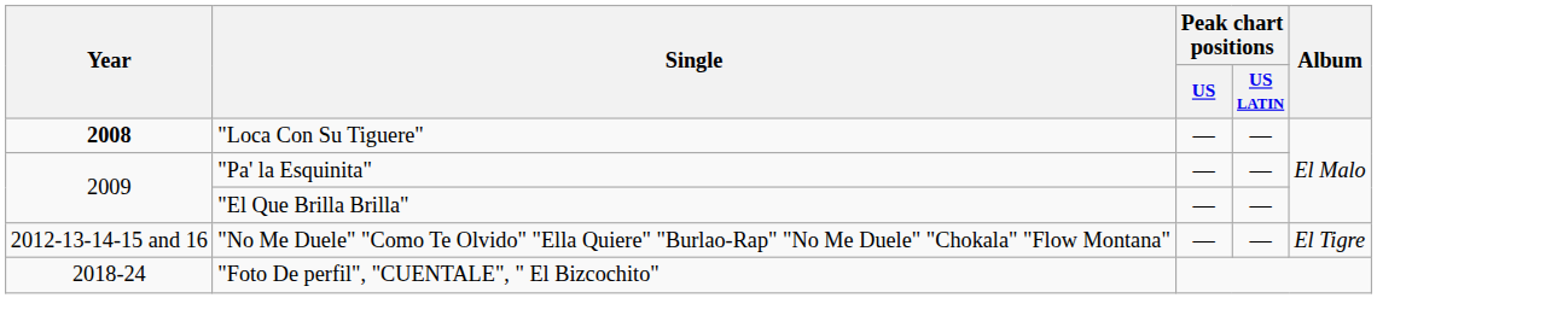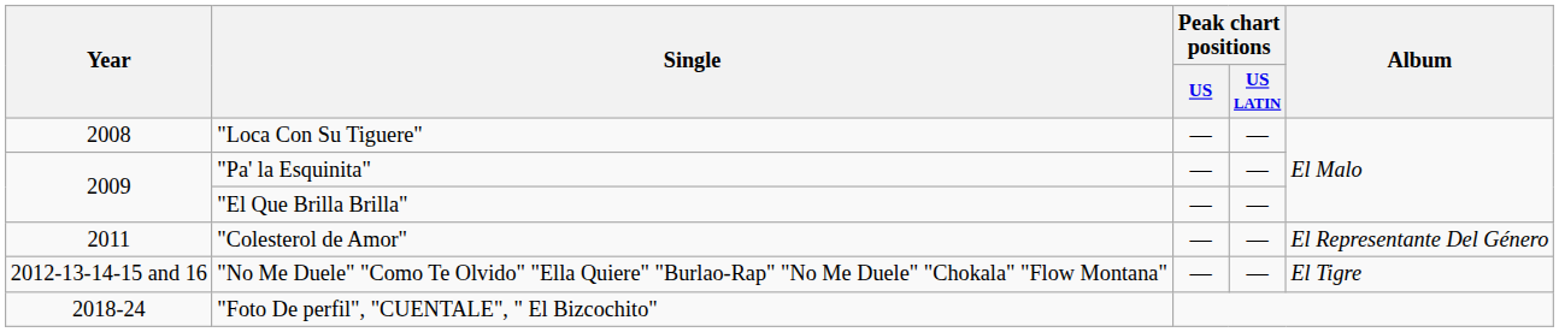 <table class="wikitable" style="text-align:center;">
 <tr>
 <th rowspan="2">Year</th>
 <th rowspan="2">Single</th>
 <th colspan="2">Peak chart positions</th>
 <th rowspan="2">Album</th>
 </tr>
 <tr style=font-size:smaller>
 <th width=35><a href='#'>US</a></th>
 <th width=35><a href='#'>US <br><small>LATIN</small></a></th>
 </tr>
 <tr>
-<td style="text-align:center;" rowspan="1"><strong>2008</strong></td>
+<td style="text-align:center;" rowspan="1">2008</td>
 <td align="left">"Loca Con Su Tiguere"</td>
 <td style="text-align:center;">—</td>
 <td style="text-align:center;">—</td>
 <td style="text-align:left;" rowspan="3"><em>El Malo</em></td>
 </tr>
 <tr>
 <td style="text-align:center;" rowspan="2">2009</td>
 <td align="left">"Pa' la Esquinita"</td>
 <td style="text-align:center;">—</td>
 <td style="text-align:center;">—</td>
 </tr>
 <tr>
 <td align="left">"El Que Brilla Brilla"</td>
 <td style="text-align:center;">—</td>
 <td style="text-align:center;">—</td>
 </tr>
 <tr>
+<td style="text-align:center;" rowspan="1">2011</td>
+<td align="left">"Colesterol de Amor"</td>
+<td style="text-align:center;">—</td>
+<td style="text-align:center;">—</td>
+<td style="text-align:left;" rowspan="1"><em>El Representante Del Género</em></td>
+</tr>
+<tr>
 <td style="text-align:center;" rowspan="1">2012-13-14-15 and 16</td>
 <td align="left">"No Me Duele" "Como Te Olvido" "Ella Quiere" "Burlao-Rap" "No Me Duele" "Chokala" "Flow Montana"</td>
 <td style="text-align:center;">—</td>
 <td style="text-align:center;">—</td>
 <td style="text-align:left;" rowspan="1"><em>El Tigre</em></td>
 </tr>
 <tr>
 <td style="text-align:center;" rowspan="2">2018-24</td>
 <td align="left">"Foto De perfil", "CUENTALE", " El Bizcochito"</td>
 </tr>
 </table>
